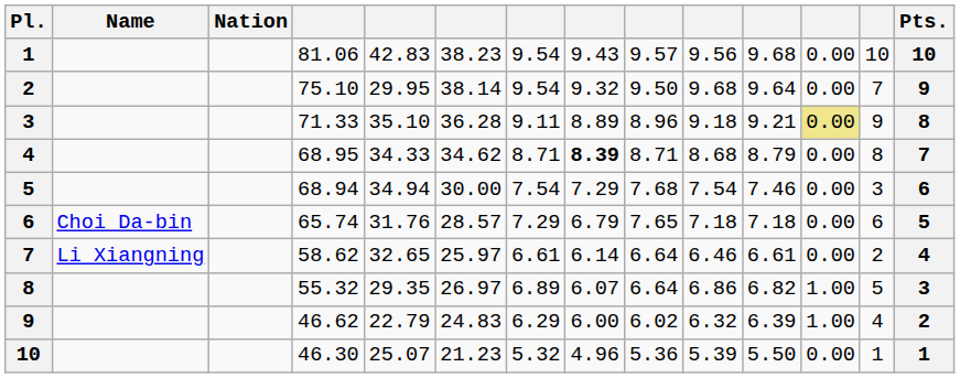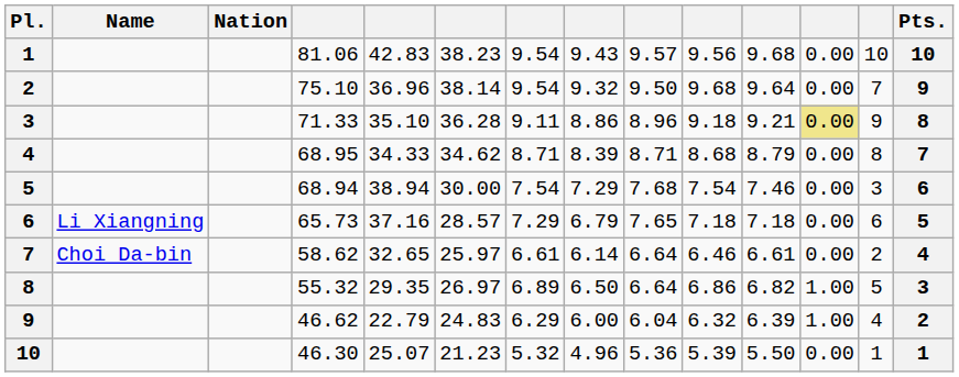 <table class="wikitable sortable" style="text-align:center">
 <tr>
 <th>Pl.</th>
 <th>Name</th>
 <th>Nation</th>
 <th></th>
 <th></th>
 <th></th>
 <th></th>
 <th></th>
 <th></th>
 <th></th>
 <th></th>
 <th></th>
 <th></th>
 <th>Pts.</th>
 </tr>
 <tr>
 <th>1</th>
 <td align=left></td>
 <td align=left></td>
 <td>81.06</td>
 <td>42.83</td>
 <td>38.23</td>
 <td>9.54</td>
 <td>9.43</td>
 <td>9.57</td>
 <td>9.56</td>
 <td>9.68</td>
 <td>0.00</td>
 <td>10</td>
 <th>10</th>
 </tr>
 <tr>
 <th>2</th>
 <td align=left></td>
 <td align=left></td>
 <td>75.10</td>
-<td>29.95</td>
+<td>36.96</td>
 <td>38.14</td>
 <td>9.54</td>
 <td>9.32</td>
 <td>9.50</td>
 <td>9.68</td>
 <td>9.64</td>
 <td>0.00</td>
 <td>7</td>
 <th>9</th>
 </tr>
 <tr>
 <th>3</th>
 <td align=left></td>
 <td align=left></td>
 <td>71.33</td>
 <td>35.10</td>
 <td>36.28</td>
 <td>9.11</td>
-<td>8.89</td>
+<td>8.86</td>
 <td>8.96</td>
 <td>9.18</td>
 <td>9.21</td>
 <td style="background: khaki;">0.00</td>
 <td>9</td>
 <th>8</th>
 </tr>
 <tr>
 <th>4</th>
 <td align=left></td>
 <td align=left></td>
 <td>68.95</td>
 <td>34.33</td>
 <td>34.62</td>
 <td>8.71</td>
-<td><strong>8.39</strong></td>
+<td>8.39</td>
 <td>8.71</td>
 <td>8.68</td>
 <td>8.79</td>
 <td>0.00</td>
 <td>8</td>
 <th>7</th>
 </tr>
 <tr>
 <th>5</th>
 <td align=left></td>
 <td align=left></td>
 <td>68.94</td>
-<td>34.94</td>
+<td>38.94</td>
 <td>30.00</td>
 <td>7.54</td>
 <td>7.29</td>
 <td>7.68</td>
 <td>7.54</td>
 <td>7.46</td>
 <td>0.00</td>
 <td>3</td>
 <th>6</th>
 </tr>
 <tr>
 <th>6</th>
-<td align=left><a href='#'>Choi Da-bin</a></td>
+<td align=left><a href='#'>Li Xiangning</a></td>
 <td align=left></td>
-<td>65.74</td>
-<td>31.76</td>
+<td>65.73</td>
+<td>37.16</td>
 <td>28.57</td>
 <td>7.29</td>
 <td>6.79</td>
 <td>7.65</td>
 <td>7.18</td>
 <td>7.18</td>
 <td>0.00</td>
 <td>6</td>
 <th>5</th>
 </tr>
 <tr>
 <th>7</th>
-<td align=left><a href='#'>Li Xiangning</a></td>
+<td align=left><a href='#'>Choi Da-bin</a></td>
 <td align=left></td>
 <td>58.62</td>
 <td>32.65</td>
 <td>25.97</td>
 <td>6.61</td>
 <td>6.14</td>
 <td>6.64</td>
 <td>6.46</td>
 <td>6.61</td>
 <td>0.00</td>
 <td>2</td>
 <th>4</th>
 </tr>
 <tr>
 <th>8</th>
 <td align=left></td>
 <td align=left></td>
 <td>55.32</td>
 <td>29.35</td>
 <td>26.97</td>
 <td>6.89</td>
-<td>6.07</td>
+<td>6.50</td>
 <td>6.64</td>
 <td>6.86</td>
 <td>6.82</td>
 <td>1.00</td>
 <td>5</td>
 <th>3</th>
 </tr>
 <tr>
 <th>9</th>
 <td align=left></td>
 <td align=left></td>
 <td>46.62</td>
 <td>22.79</td>
 <td>24.83</td>
 <td>6.29</td>
 <td>6.00</td>
-<td>6.02</td>
+<td>6.04</td>
 <td>6.32</td>
 <td>6.39</td>
 <td>1.00</td>
 <td>4</td>
 <th>2</th>
 </tr>
 <tr>
 <th>10</th>
 <td align=left></td>
 <td align=left></td>
 <td>46.30</td>
 <td>25.07</td>
 <td>21.23</td>
 <td>5.32</td>
 <td>4.96</td>
 <td>5.36</td>
 <td>5.39</td>
 <td>5.50</td>
 <td>0.00</td>
 <td>1</td>
 <th>1</th>
 </tr>
 </table>
